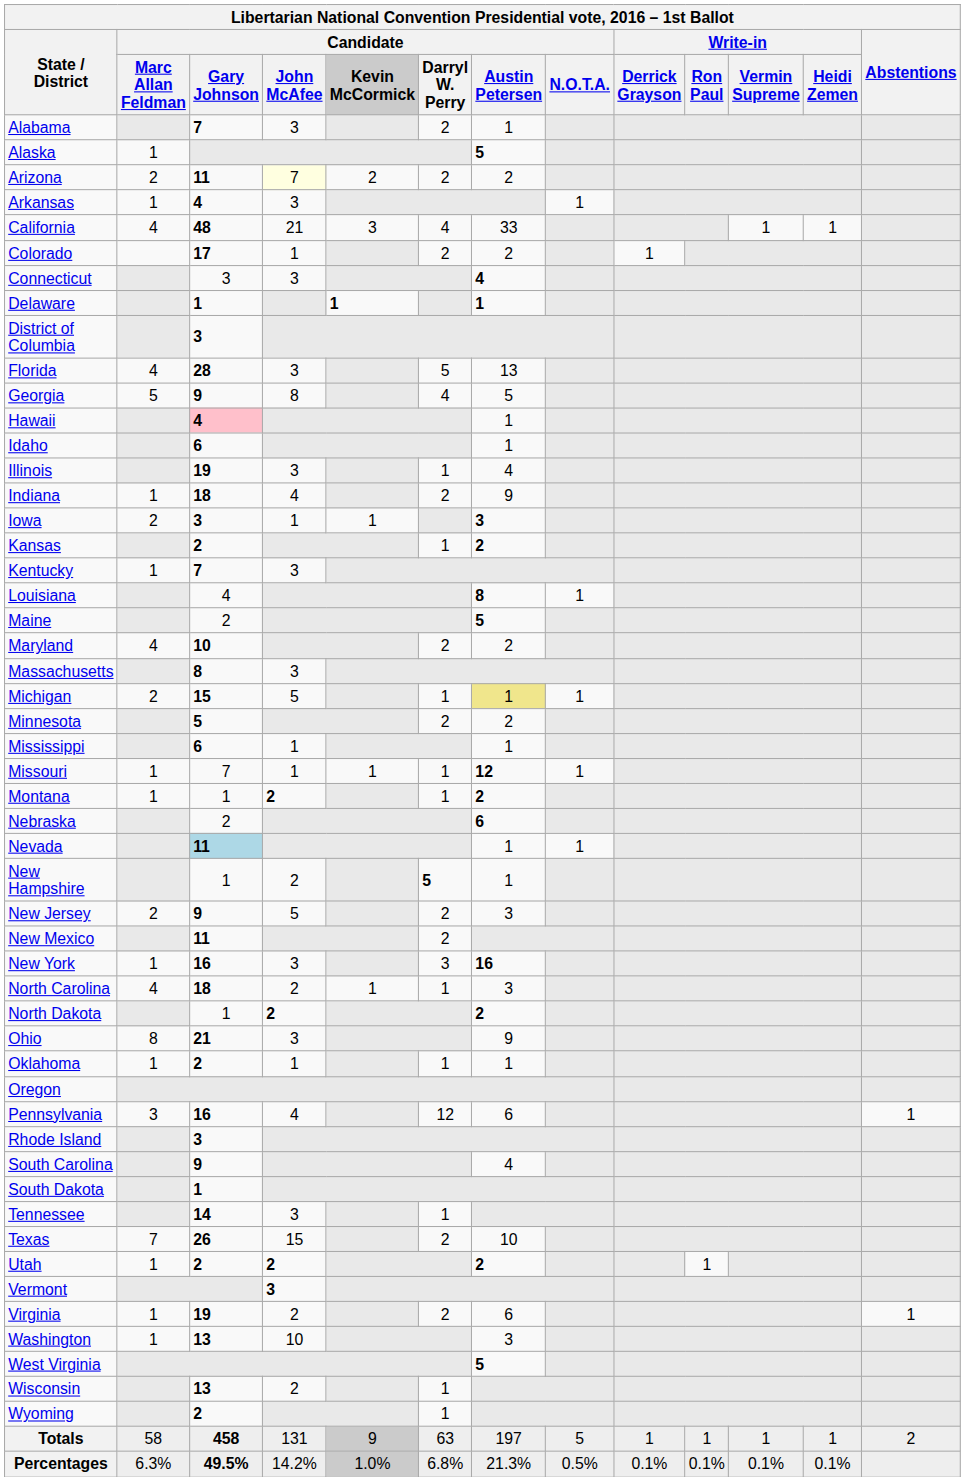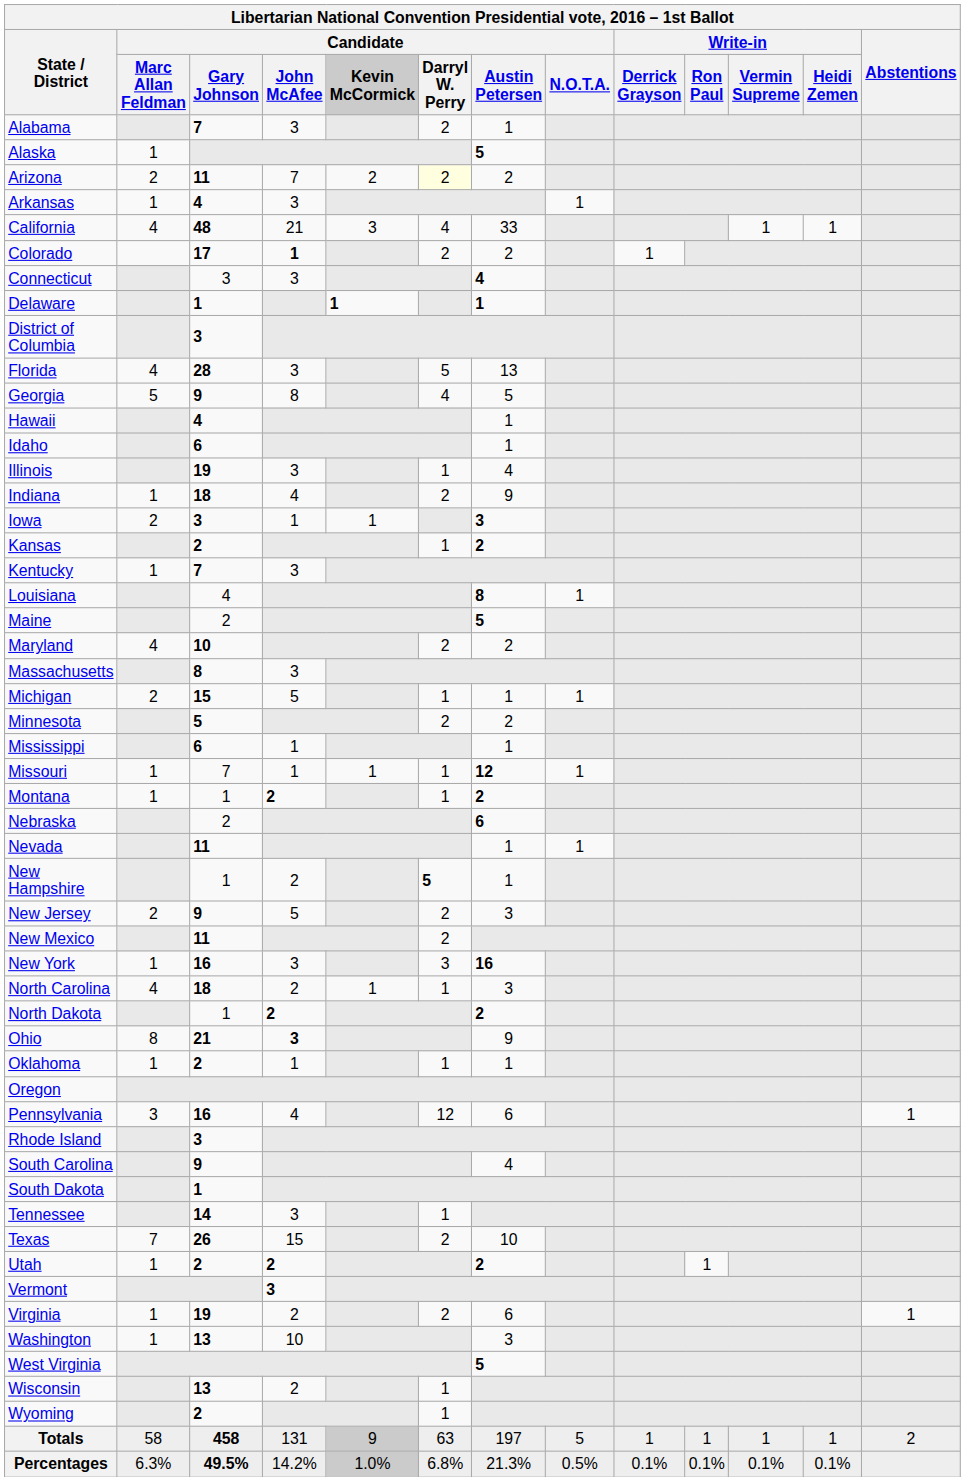 <table class="wikitable" style="font-size:95%;">
 <tr>
 <th colspan=13>Libertarian National Convention Presidential vote, 2016 – 1st Ballot</th>
 </tr>
 <tr>
 <th style="width: 10em" rowspan=2>State / District</th>
 <th colspan=7>Candidate</th>
 <th colspan=4><a href='#'>Write-in</a></th>
 <th rowspan=2 style="width: 5em"><a href='#'>Abstentions</a></th>
 </tr>
 <tr>
 <th style="width: 5em"><a href='#'>Marc Allan Feldman</a></th>
 <th style="width: 5em"><a href='#'>Gary Johnson</a></th>
 <th style="width: 5em"><a href='#'>John McAfee</a></th>
 <th style="width: 5em; background:#cbcbcb">Kevin McCormick</th>
 <th style="width: 5em">Darryl W. Perry</th>
 <th style="width: 5em"><a href='#'>Austin Petersen</a></th>
 <th style="width: 5em"><a href='#'>N.O.T.A.</a></th>
 <th style="width: 5em"><a href='#'>Derrick Grayson</a></th>
 <th style="width: 5em"><a href='#'>Ron Paul</a></th>
 <th style="width: 5em"><a href='#'>Vermin Supreme</a></th>
 <th style="width: 5em"><a href='#'>Heidi Zemen</a></th>
 </tr>
 <tr>
 <td><a href='#'>Alabama</a></td>
 <td style="background:#e9e9e9"></td>
 <td><strong>7</strong></td>
 <td align=center>3</td>
 <td style="background:#e9e9e9"></td>
 <td align=center>2</td>
 <td align=center>1</td>
 <td style="background:#e9e9e9"></td>
 <td colspan=4 style="background:#e9e9e9"></td>
 <td style="background:#e9e9e9"></td>
 </tr>
 <tr>
 <td><a href='#'>Alaska</a></td>
 <td align=center>1</td>
 <td colspan=4 style="background:#e9e9e9"></td>
 <td><strong>5</strong></td>
 <td style="background:#e9e9e9"></td>
 <td colspan=4 style="background:#e9e9e9"></td>
 <td style="background:#e9e9e9"></td>
 </tr>
 <tr>
 <td><a href='#'>Arizona</a></td>
 <td align=center>2</td>
 <td><strong>11</strong></td>
-<td align=center style="background: lightyellow;">7</td>
+<td align=center>7</td>
 <td align=center>2</td>
-<td align=center>2</td>
+<td align=center style="background: lightyellow;">2</td>
 <td align=center>2</td>
 <td style="background:#e9e9e9"></td>
 <td colspan=4 style="background:#e9e9e9"></td>
 <td style="background:#e9e9e9"></td>
 </tr>
 <tr>
 <td><a href='#'>Arkansas</a></td>
 <td align=center>1</td>
 <td><strong>4</strong></td>
 <td align=center>3</td>
 <td colspan=3 style="background:#e9e9e9"></td>
 <td align=center>1</td>
 <td colspan=4 style="background:#e9e9e9"></td>
 <td style="background:#e9e9e9"></td>
 </tr>
 <tr>
 <td><a href='#'>California</a></td>
 <td align=center>4</td>
 <td><strong>48</strong></td>
 <td align=center>21</td>
 <td align=center>3</td>
 <td align=center>4</td>
 <td align=center>33</td>
 <td style="background:#e9e9e9"></td>
 <td colspan=2 style="background:#e9e9e9"></td>
 <td align=center>1</td>
 <td align=center>1</td>
 <td style="background:#e9e9e9"></td>
 </tr>
 <tr>
 <td><a href='#'>Colorado</a></td>
 <td align=center></td>
 <td><strong>17</strong></td>
-<td align=center>1</td>
+<td align=center><strong>1</strong></td>
 <td style="background:#e9e9e9"></td>
 <td align=center>2</td>
 <td align=center>2</td>
 <td style="background:#e9e9e9"></td>
 <td align=center>1</td>
 <td colspan=3 style="background:#e9e9e9"></td>
 <td style="background:#e9e9e9"></td>
 </tr>
 <tr>
 <td><a href='#'>Connecticut</a></td>
 <td style="background:#e9e9e9"></td>
 <td align=center>3</td>
 <td align=center>3</td>
 <td colspan=2 style="background:#e9e9e9"></td>
 <td><strong>4</strong></td>
 <td style="background:#e9e9e9"></td>
 <td colspan=4 style="background:#e9e9e9"></td>
 <td style="background:#e9e9e9"></td>
 </tr>
 <tr>
 <td><a href='#'>Delaware</a></td>
 <td style="background:#e9e9e9"></td>
 <td><strong>1</strong></td>
 <td style="background:#e9e9e9"></td>
 <td><strong>1</strong></td>
 <td style="background:#e9e9e9"></td>
 <td><strong>1</strong></td>
 <td style="background:#e9e9e9"></td>
 <td colspan=4 style="background:#e9e9e9"></td>
 <td style="background:#e9e9e9"></td>
 </tr>
 <tr>
 <td><a href='#'>District of Columbia</a></td>
 <td style="background:#e9e9e9"></td>
 <td><strong>3</strong></td>
 <td colspan=5 style="background:#e9e9e9"></td>
 <td colspan=4 style="background:#e9e9e9"></td>
 <td style="background:#e9e9e9"></td>
 </tr>
 <tr>
 <td><a href='#'>Florida</a></td>
 <td align=center>4</td>
 <td><strong>28</strong></td>
 <td align=center>3</td>
 <td style="background:#e9e9e9"></td>
 <td align=center>5</td>
 <td align=center>13</td>
 <td style="background:#e9e9e9"></td>
 <td colspan=4 style="background:#e9e9e9"></td>
 <td style="background:#e9e9e9"></td>
 </tr>
 <tr>
 <td><a href='#'>Georgia</a></td>
 <td align=center>5</td>
 <td><strong>9</strong></td>
 <td align=center>8</td>
 <td style="background:#e9e9e9"></td>
 <td align=center>4</td>
 <td align=center>5</td>
 <td style="background:#e9e9e9"></td>
 <td colspan=4 style="background:#e9e9e9"></td>
 <td style="background:#e9e9e9"></td>
 </tr>
 <tr>
 <td><a href='#'>Hawaii</a></td>
 <td style="background:#e9e9e9"></td>
-<td style="background: pink;"><strong>4</strong></td>
+<td><strong>4</strong></td>
 <td colspan=3 style="background:#e9e9e9"></td>
 <td align=center>1</td>
 <td style="background:#e9e9e9"></td>
 <td colspan=4 style="background:#e9e9e9"></td>
 <td style="background:#e9e9e9"></td>
 </tr>
 <tr>
 <td><a href='#'>Idaho</a></td>
 <td style="background:#e9e9e9"></td>
 <td><strong>6</strong></td>
 <td colspan=3 style="background:#e9e9e9"></td>
 <td align=center>1</td>
 <td style="background:#e9e9e9"></td>
 <td colspan=4 style="background:#e9e9e9"></td>
 <td style="background:#e9e9e9"></td>
 </tr>
 <tr>
 <td><a href='#'>Illinois</a></td>
 <td style="background:#e9e9e9"></td>
 <td><strong>19</strong></td>
 <td align=center>3</td>
 <td style="background:#e9e9e9"></td>
 <td align=center>1</td>
 <td align=center>4</td>
 <td style="background:#e9e9e9"></td>
 <td colspan=4 style="background:#e9e9e9"></td>
 <td style="background:#e9e9e9"></td>
 </tr>
 <tr>
 <td><a href='#'>Indiana</a></td>
 <td align=center>1</td>
 <td><strong>18</strong></td>
 <td align=center>4</td>
 <td style="background:#e9e9e9"></td>
 <td align=center>2</td>
 <td align=center>9</td>
 <td style="background:#e9e9e9"></td>
 <td colspan=4 style="background:#e9e9e9"></td>
 <td style="background:#e9e9e9"></td>
 </tr>
 <tr>
 <td><a href='#'>Iowa</a></td>
 <td align=center>2</td>
 <td><strong>3</strong></td>
 <td align=center>1</td>
 <td align=center>1</td>
 <td style="background:#e9e9e9"></td>
 <td><strong>3</strong></td>
 <td style="background:#e9e9e9"></td>
 <td colspan=4 style="background:#e9e9e9"></td>
 <td style="background:#e9e9e9"></td>
 </tr>
 <tr>
 <td><a href='#'>Kansas</a></td>
 <td style="background:#e9e9e9"></td>
 <td><strong>2</strong></td>
 <td colspan=2 style="background:#e9e9e9"></td>
 <td align=center>1</td>
 <td><strong>2</strong></td>
 <td style="background:#e9e9e9"></td>
 <td colspan=4 style="background:#e9e9e9"></td>
 <td style="background:#e9e9e9"></td>
 </tr>
 <tr>
 <td><a href='#'>Kentucky</a></td>
 <td align=center>1</td>
 <td><strong>7</strong></td>
 <td align=center>3</td>
 <td colspan=4 style="background:#e9e9e9"></td>
 <td colspan=4 style="background:#e9e9e9"></td>
 <td style="background:#e9e9e9"></td>
 </tr>
 <tr>
 <td><a href='#'>Louisiana</a></td>
 <td style="background:#e9e9e9"></td>
 <td align=center>4</td>
 <td colspan=3 style="background:#e9e9e9"></td>
 <td><strong>8</strong></td>
 <td align=center>1</td>
 <td colspan=4 style="background:#e9e9e9"></td>
 <td style="background:#e9e9e9"></td>
 </tr>
 <tr>
 <td><a href='#'>Maine</a></td>
 <td style="background:#e9e9e9"></td>
 <td align=center>2</td>
 <td colspan=3 style="background:#e9e9e9"></td>
 <td><strong>5</strong></td>
 <td style="background:#e9e9e9"></td>
 <td colspan=4 style="background:#e9e9e9"></td>
 <td style="background:#e9e9e9"></td>
 </tr>
 <tr>
 <td><a href='#'>Maryland</a></td>
 <td align=center>4</td>
 <td><strong>10</strong></td>
 <td colspan=2 style="background:#e9e9e9"></td>
 <td align=center>2</td>
 <td align=center>2</td>
 <td style="background:#e9e9e9"></td>
 <td colspan=4 style="background:#e9e9e9"></td>
 <td style="background:#e9e9e9"></td>
 </tr>
 <tr>
 <td><a href='#'>Massachusetts</a></td>
 <td style="background:#e9e9e9"></td>
 <td><strong>8</strong></td>
 <td align=center>3</td>
 <td colspan=4 style="background:#e9e9e9"></td>
 <td colspan=4 style="background:#e9e9e9"></td>
 <td style="background:#e9e9e9"></td>
 </tr>
 <tr>
 <td><a href='#'>Michigan</a></td>
 <td align=center>2</td>
 <td><strong>15</strong></td>
 <td align=center>5</td>
 <td style="background:#e9e9e9"></td>
 <td align=center>1</td>
-<td align=center style="background: khaki;">1</td>
+<td align=center>1</td>
 <td align=center>1</td>
 <td colspan=4 style="background:#e9e9e9"></td>
 <td style="background:#e9e9e9"></td>
 </tr>
 <tr>
 <td><a href='#'>Minnesota</a></td>
 <td style="background:#e9e9e9"></td>
 <td><strong>5</strong></td>
 <td colspan=2 style="background:#e9e9e9"></td>
 <td align=center>2</td>
 <td align=center>2</td>
 <td style="background:#e9e9e9"></td>
 <td colspan=4 style="background:#e9e9e9"></td>
 <td style="background:#e9e9e9"></td>
 </tr>
 <tr>
 <td><a href='#'>Mississippi</a></td>
 <td style="background:#e9e9e9"></td>
 <td><strong>6</strong></td>
 <td align=center>1</td>
 <td colspan=2 style="background:#e9e9e9"></td>
 <td align=center>1</td>
 <td style="background:#e9e9e9"></td>
 <td colspan=4 style="background:#e9e9e9"></td>
 <td style="background:#e9e9e9"></td>
 </tr>
 <tr>
 <td><a href='#'>Missouri</a></td>
 <td align=center>1</td>
 <td align=center>7</td>
 <td align=center>1</td>
 <td align=center>1</td>
 <td align=center>1</td>
 <td><strong>12</strong></td>
 <td align=center>1</td>
 <td colspan=4 style="background:#e9e9e9"></td>
 <td style="background:#e9e9e9"></td>
 </tr>
 <tr>
 <td><a href='#'>Montana</a></td>
 <td align=center>1</td>
 <td align=center>1</td>
 <td><strong>2</strong></td>
 <td style="background:#e9e9e9"></td>
 <td align=center>1</td>
 <td><strong>2</strong></td>
 <td style="background:#e9e9e9"></td>
 <td colspan=4 style="background:#e9e9e9"></td>
 <td style="background:#e9e9e9"></td>
 </tr>
 <tr>
 <td><a href='#'>Nebraska</a></td>
 <td style="background:#e9e9e9"></td>
 <td align=center>2</td>
 <td colspan=3 style="background:#e9e9e9"></td>
 <td><strong>6</strong></td>
 <td style="background:#e9e9e9"></td>
 <td colspan=4 style="background:#e9e9e9"></td>
 <td style="background:#e9e9e9"></td>
 </tr>
 <tr>
 <td><a href='#'>Nevada</a></td>
 <td style="background:#e9e9e9"></td>
-<td style="background: lightblue;"><strong>11</strong></td>
+<td><strong>11</strong></td>
 <td colspan=3 style="background:#e9e9e9"></td>
 <td align=center>1</td>
 <td align=center>1</td>
 <td colspan=4 style="background:#e9e9e9"></td>
 <td style="background:#e9e9e9"></td>
 </tr>
 <tr>
 <td><a href='#'>New Hampshire</a></td>
 <td style="background:#e9e9e9"></td>
 <td align=center>1</td>
 <td align=center>2</td>
 <td style="background:#e9e9e9"></td>
 <td><strong>5</strong></td>
 <td align=center>1</td>
 <td style="background:#e9e9e9"></td>
 <td colspan=4 style="background:#e9e9e9"></td>
 <td style="background:#e9e9e9"></td>
 </tr>
 <tr>
 <td><a href='#'>New Jersey</a></td>
 <td align=center>2</td>
 <td><strong>9</strong></td>
 <td align=center>5</td>
 <td style="background:#e9e9e9"></td>
 <td align=center>2</td>
 <td align=center>3</td>
 <td style="background:#e9e9e9"></td>
 <td colspan=4 style="background:#e9e9e9"></td>
 <td style="background:#e9e9e9"></td>
 </tr>
 <tr>
 <td><a href='#'>New Mexico</a></td>
 <td style="background:#e9e9e9"></td>
 <td><strong>11</strong></td>
 <td colspan=2 style="background:#e9e9e9"></td>
 <td align=center>2</td>
 <td colspan=2 style="background:#e9e9e9"></td>
 <td colspan=4 style="background:#e9e9e9"></td>
 <td style="background:#e9e9e9"></td>
 </tr>
 <tr>
 <td><a href='#'>New York</a></td>
 <td align=center>1</td>
 <td><strong>16</strong></td>
 <td align=center>3</td>
 <td style="background:#e9e9e9"></td>
 <td align=center>3</td>
 <td><strong>16</strong></td>
 <td style="background:#e9e9e9"></td>
 <td colspan=4 style="background:#e9e9e9"></td>
 <td style="background:#e9e9e9"></td>
 </tr>
 <tr>
 <td><a href='#'>North Carolina</a></td>
 <td align=center>4</td>
 <td><strong>18</strong></td>
 <td align=center>2</td>
 <td align=center>1</td>
 <td align=center>1</td>
 <td align=center>3</td>
 <td style="background:#e9e9e9"></td>
 <td colspan=4 style="background:#e9e9e9"></td>
 <td style="background:#e9e9e9"></td>
 </tr>
 <tr>
 <td><a href='#'>North Dakota</a></td>
 <td style="background:#e9e9e9"></td>
 <td align=center>1</td>
 <td><strong>2</strong></td>
 <td colspan=2 style="background:#e9e9e9"></td>
 <td><strong>2</strong></td>
 <td style="background:#e9e9e9"></td>
 <td colspan=4 style="background:#e9e9e9"></td>
 <td style="background:#e9e9e9"></td>
 </tr>
 <tr>
 <td><a href='#'>Ohio</a></td>
 <td align=center>8</td>
 <td><strong>21</strong></td>
-<td align=center>3</td>
+<td align=center><strong>3</strong></td>
 <td colspan=2 style="background:#e9e9e9"></td>
 <td align=center>9</td>
 <td style="background:#e9e9e9"></td>
 <td colspan=4 style="background:#e9e9e9"></td>
 <td style="background:#e9e9e9"></td>
 </tr>
 <tr>
 <td><a href='#'>Oklahoma</a></td>
 <td align=center>1</td>
 <td><strong>2</strong></td>
 <td align=center>1</td>
 <td style="background:#e9e9e9"></td>
 <td align=center>1</td>
 <td align=center>1</td>
 <td style="background:#e9e9e9"></td>
 <td colspan=4 style="background:#e9e9e9"></td>
 <td style="background:#e9e9e9"></td>
 </tr>
 <tr>
 <td><a href='#'>Oregon</a></td>
 <td colspan=7 style="background:#e9e9e9"></td>
 <td colspan=4 style="background:#e9e9e9"></td>
 <td style="background:#e9e9e9"></td>
 </tr>
 <tr>
 <td><a href='#'>Pennsylvania</a></td>
 <td align=center>3</td>
 <td><strong>16</strong></td>
 <td align=center>4</td>
 <td style="background:#e9e9e9"></td>
 <td align=center>12</td>
 <td align=center>6</td>
 <td style="background:#e9e9e9"></td>
 <td colspan=4 style="background:#e9e9e9"></td>
 <td align=center>1</td>
 </tr>
 <tr>
 <td><a href='#'>Rhode Island</a></td>
 <td style="background:#e9e9e9"></td>
 <td><strong>3</strong></td>
 <td colspan=5 style="background:#e9e9e9"></td>
 <td colspan=4 style="background:#e9e9e9"></td>
 <td style="background:#e9e9e9"></td>
 </tr>
 <tr>
 <td><a href='#'>South Carolina</a></td>
 <td style="background:#e9e9e9"></td>
 <td><strong>9</strong></td>
 <td colspan=3 style="background:#e9e9e9"></td>
 <td align=center>4</td>
 <td style="background:#e9e9e9"></td>
 <td colspan=4 style="background:#e9e9e9"></td>
 <td style="background:#e9e9e9"></td>
 </tr>
 <tr>
 <td><a href='#'>South Dakota</a></td>
 <td style="background:#e9e9e9"></td>
 <td><strong>1</strong></td>
 <td colspan=5 style="background:#e9e9e9"></td>
 <td colspan=4 style="background:#e9e9e9"></td>
 <td style="background:#e9e9e9"></td>
 </tr>
 <tr>
 <td><a href='#'>Tennessee</a></td>
 <td style="background:#e9e9e9"></td>
 <td><strong>14</strong></td>
 <td align=center>3</td>
 <td style="background:#e9e9e9"></td>
 <td align=center>1</td>
 <td colspan=2 style="background:#e9e9e9"></td>
 <td colspan=4 style="background:#e9e9e9"></td>
 <td style="background:#e9e9e9"></td>
 </tr>
 <tr>
 <td><a href='#'>Texas</a></td>
 <td align=center>7</td>
 <td><strong>26</strong></td>
 <td align=center>15</td>
 <td style="background:#e9e9e9"></td>
 <td align=center>2</td>
 <td align=center>10</td>
 <td style="background:#e9e9e9"></td>
 <td colspan=4 style="background:#e9e9e9"></td>
 <td style="background:#e9e9e9"></td>
 </tr>
 <tr>
 <td><a href='#'>Utah</a></td>
 <td align=center>1</td>
 <td><strong>2</strong></td>
 <td><strong>2</strong></td>
 <td colspan=2 style="background:#e9e9e9"></td>
 <td><strong>2</strong></td>
 <td style="background:#e9e9e9"></td>
 <td style="background:#e9e9e9"></td>
 <td align=center>1</td>
 <td colspan=2 style="background:#e9e9e9"></td>
 <td style="background:#e9e9e9"></td>
 </tr>
 <tr>
 <td><a href='#'>Vermont</a></td>
 <td colspan=2 style="background:#e9e9e9"></td>
 <td><strong>3</strong></td>
 <td colspan=4 style="background:#e9e9e9"></td>
 <td colspan=4 style="background:#e9e9e9"></td>
 <td style="background:#e9e9e9"></td>
 </tr>
 <tr>
 <td><a href='#'>Virginia</a></td>
 <td align=center>1</td>
 <td><strong>19</strong></td>
 <td align=center>2</td>
 <td style="background:#e9e9e9"></td>
 <td align=center>2</td>
 <td align=center>6</td>
 <td style="background:#e9e9e9"></td>
 <td colspan=4 style="background:#e9e9e9"></td>
 <td align=center>1</td>
 </tr>
 <tr>
 <td><a href='#'>Washington</a></td>
 <td align=center>1</td>
 <td><strong>13</strong></td>
 <td align=center>10</td>
 <td colspan=2 style="background:#e9e9e9"></td>
 <td align=center>3</td>
 <td style="background:#e9e9e9"></td>
 <td colspan=4 style="background:#e9e9e9"></td>
 <td style="background:#e9e9e9"></td>
 </tr>
 <tr>
 <td><a href='#'>West Virginia</a></td>
 <td colspan=5 style="background:#e9e9e9"></td>
 <td><strong>5</strong></td>
 <td style="background:#e9e9e9"></td>
 <td colspan=4 style="background:#e9e9e9"></td>
 <td style="background:#e9e9e9"></td>
 </tr>
 <tr>
 <td><a href='#'>Wisconsin</a></td>
 <td style="background:#e9e9e9"></td>
 <td><strong>13</strong></td>
 <td align=center>2</td>
 <td style="background:#e9e9e9"></td>
 <td align=center>1</td>
 <td colspan=2 style="background:#e9e9e9"></td>
 <td colspan=4 style="background:#e9e9e9"></td>
 <td style="background:#e9e9e9"></td>
 </tr>
 <tr>
 <td><a href='#'>Wyoming</a></td>
 <td style="background:#e9e9e9"></td>
 <td><strong>2</strong></td>
 <td colspan=2 style="background:#e9e9e9"></td>
 <td align=center>1</td>
 <td colspan=2 style="background:#e9e9e9"></td>
 <td colspan=4 style="background:#e9e9e9"></td>
 <td style="background:#e9e9e9"></td>
 </tr>
 <tr style="background:#eee">
 <th align=right>Totals</th>
 <td align=center>58</td>
 <td align=center><strong>458</strong></td>
 <td align=center>131</td>
 <td style="background:#cbcbcb; text-align:center;">9</td>
 <td align=center>63</td>
 <td align=center>197</td>
 <td align=center>5</td>
 <td align=center>1</td>
 <td align=center>1</td>
 <td align=center>1</td>
 <td align=center>1</td>
 <td align=center>2</td>
 </tr>
 <tr style="background:#eee">
 <th align=right>Percentages</th>
 <td align=center>6.3%</td>
 <td align=center><strong>49.5%</strong></td>
 <td align=center>14.2%</td>
 <td style="background:#cbcbcb; text-align:center;">1.0%</td>
 <td align=center>6.8%</td>
 <td align=center>21.3%</td>
 <td align=center>0.5%</td>
 <td align=center>0.1%</td>
 <td align=center>0.1%</td>
 <td align=center>0.1%</td>
 <td align=center>0.1%</td>
 <td></td>
 </tr>
 </table>
